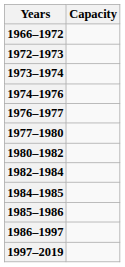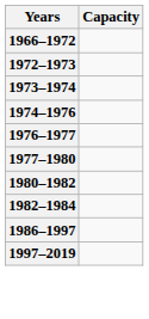 <table class="wikitable sortable">
 <tr>
 <th>Years</th>
 <th>Capacity</th>
 </tr>
 <tr>
 <th>1966–1972</th>
 <td></td>
 </tr>
 <tr>
 <th>1972–1973</th>
 <td></td>
 </tr>
 <tr>
 <th>1973–1974</th>
 <td></td>
 </tr>
 <tr>
 <th>1974–1976</th>
 <td></td>
 </tr>
 <tr>
 <th>1976–1977</th>
 <td></td>
 </tr>
 <tr>
 <th>1977–1980</th>
 <td></td>
 </tr>
 <tr>
 <th>1980–1982</th>
 <td></td>
 </tr>
 <tr>
 <th>1982–1984</th>
 <td></td>
 </tr>
 <tr>
-<th>1984–1985</th>
-<td></td>
-</tr>
-<tr>
-<th>1985–1986</th>
-<td></td>
-</tr>
-<tr>
 <th>1986–1997</th>
 <td></td>
 </tr>
 <tr>
 <th>1997–2019</th>
 <td></td>
 </tr>
 </table>
